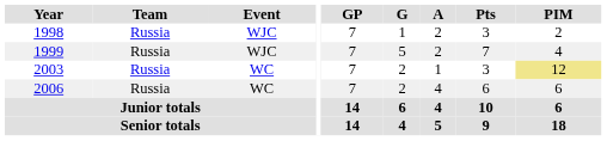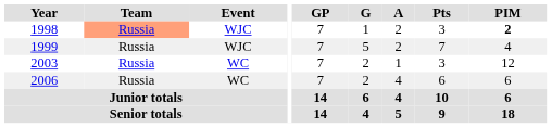 <table border="0" cellpadding="1" cellspacing="0" ID="Table3" style="text-align:center; width:40em">
 <tr bgcolor="#e0e0e0">
 <th>Year</th>
 <th>Team</th>
 <th>Event</th>
 <th rowspan="102" bgcolor="#ffffff"></th>
 <th>GP</th>
 <th>G</th>
 <th>A</th>
 <th>Pts</th>
 <th>PIM</th>
 </tr>
 <tr>
 <td><a href='#'>1998</a></td>
-<td><a href='#'>Russia</a></td>
+<td style="background: lightsalmon;"><a href='#'>Russia</a></td>
 <td><a href='#'>WJC</a></td>
 <td>7</td>
 <td>1</td>
 <td>2</td>
 <td>3</td>
-<td>2</td>
+<td><strong>2</strong></td>
 </tr>
 <tr bgcolor="#f0f0f0">
 <td><a href='#'>1999</a></td>
 <td>Russia</td>
 <td>WJC</td>
 <td>7</td>
 <td>5</td>
 <td>2</td>
 <td>7</td>
 <td>4</td>
 </tr>
 <tr>
 <td><a href='#'>2003</a></td>
 <td><a href='#'>Russia</a></td>
 <td><a href='#'>WC</a></td>
 <td>7</td>
 <td>2</td>
 <td>1</td>
 <td>3</td>
-<td style="background: khaki;">12</td>
+<td>12</td>
 </tr>
 <tr bgcolor="#f0f0f0">
 <td><a href='#'>2006</a></td>
 <td>Russia</td>
 <td>WC</td>
 <td>7</td>
 <td>2</td>
 <td>4</td>
 <td>6</td>
 <td>6</td>
 </tr>
 <tr bgcolor="#e0e0e0">
 <th colspan=3>Junior totals</th>
 <th>14</th>
 <th>6</th>
 <th>4</th>
 <th>10</th>
 <th>6</th>
 </tr>
 <tr bgcolor="#e0e0e0">
 <th colspan=3>Senior totals</th>
 <th>14</th>
 <th>4</th>
 <th>5</th>
 <th>9</th>
 <th>18</th>
 </tr>
 </table>
